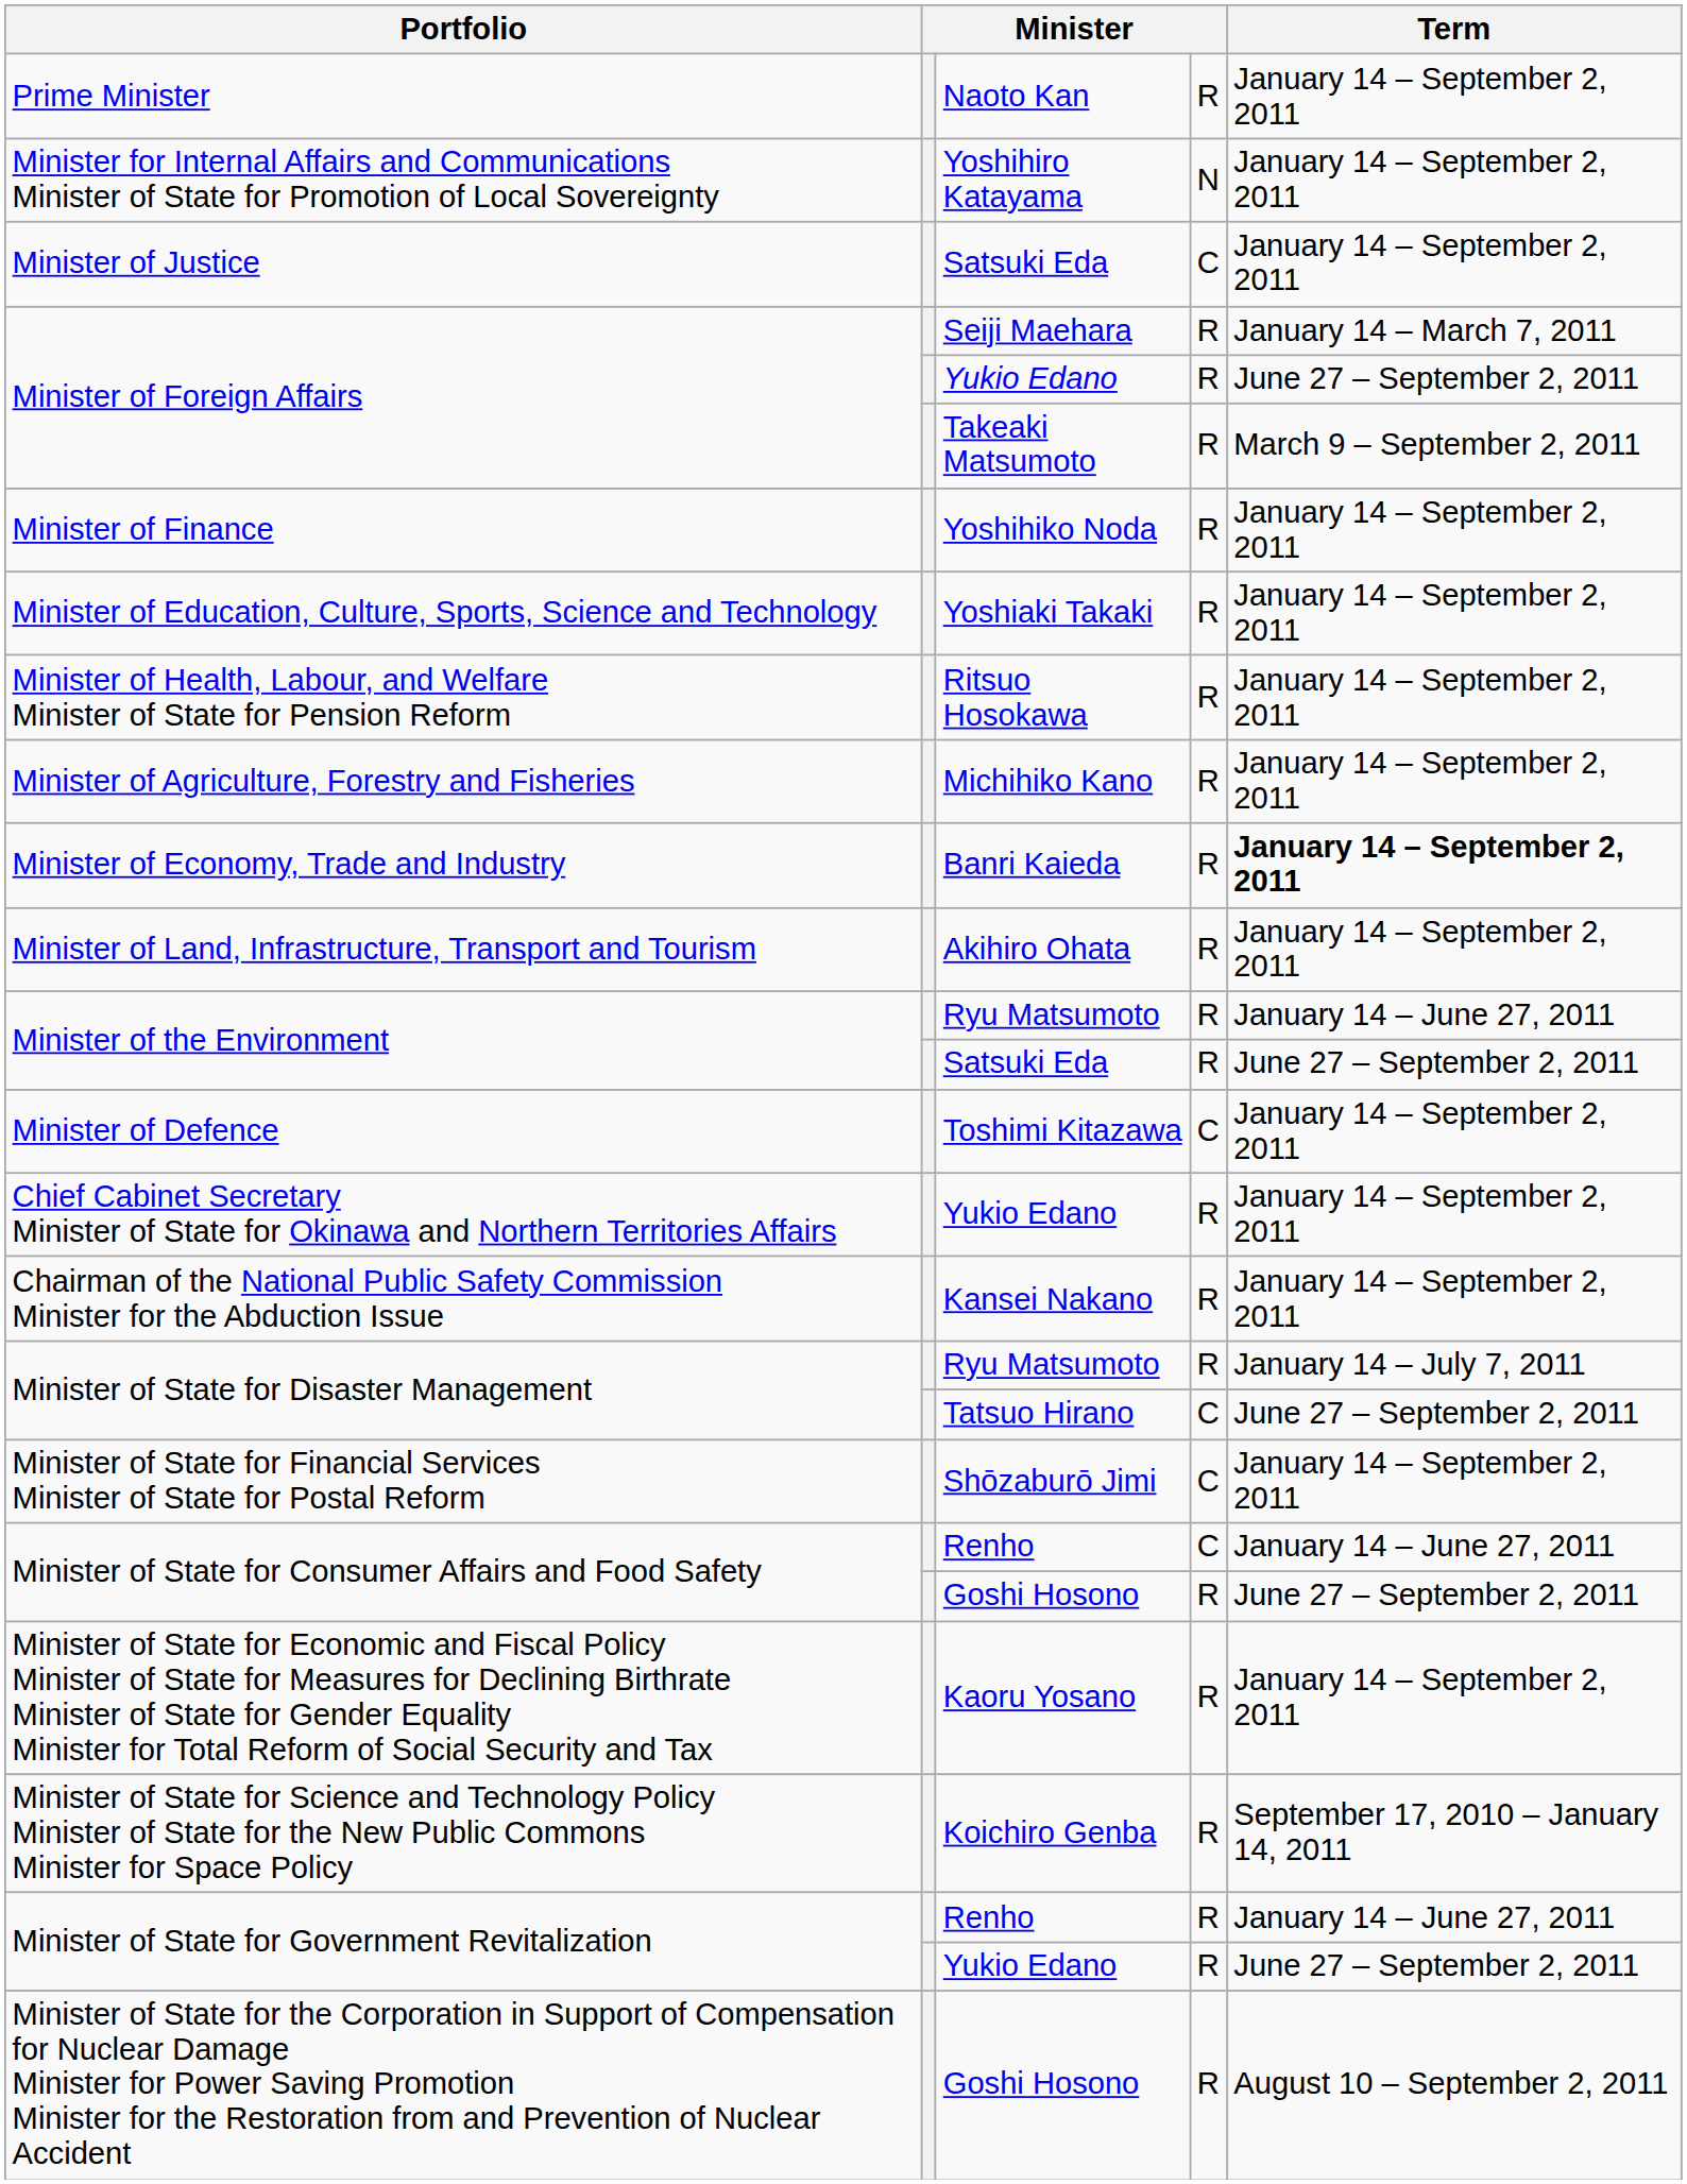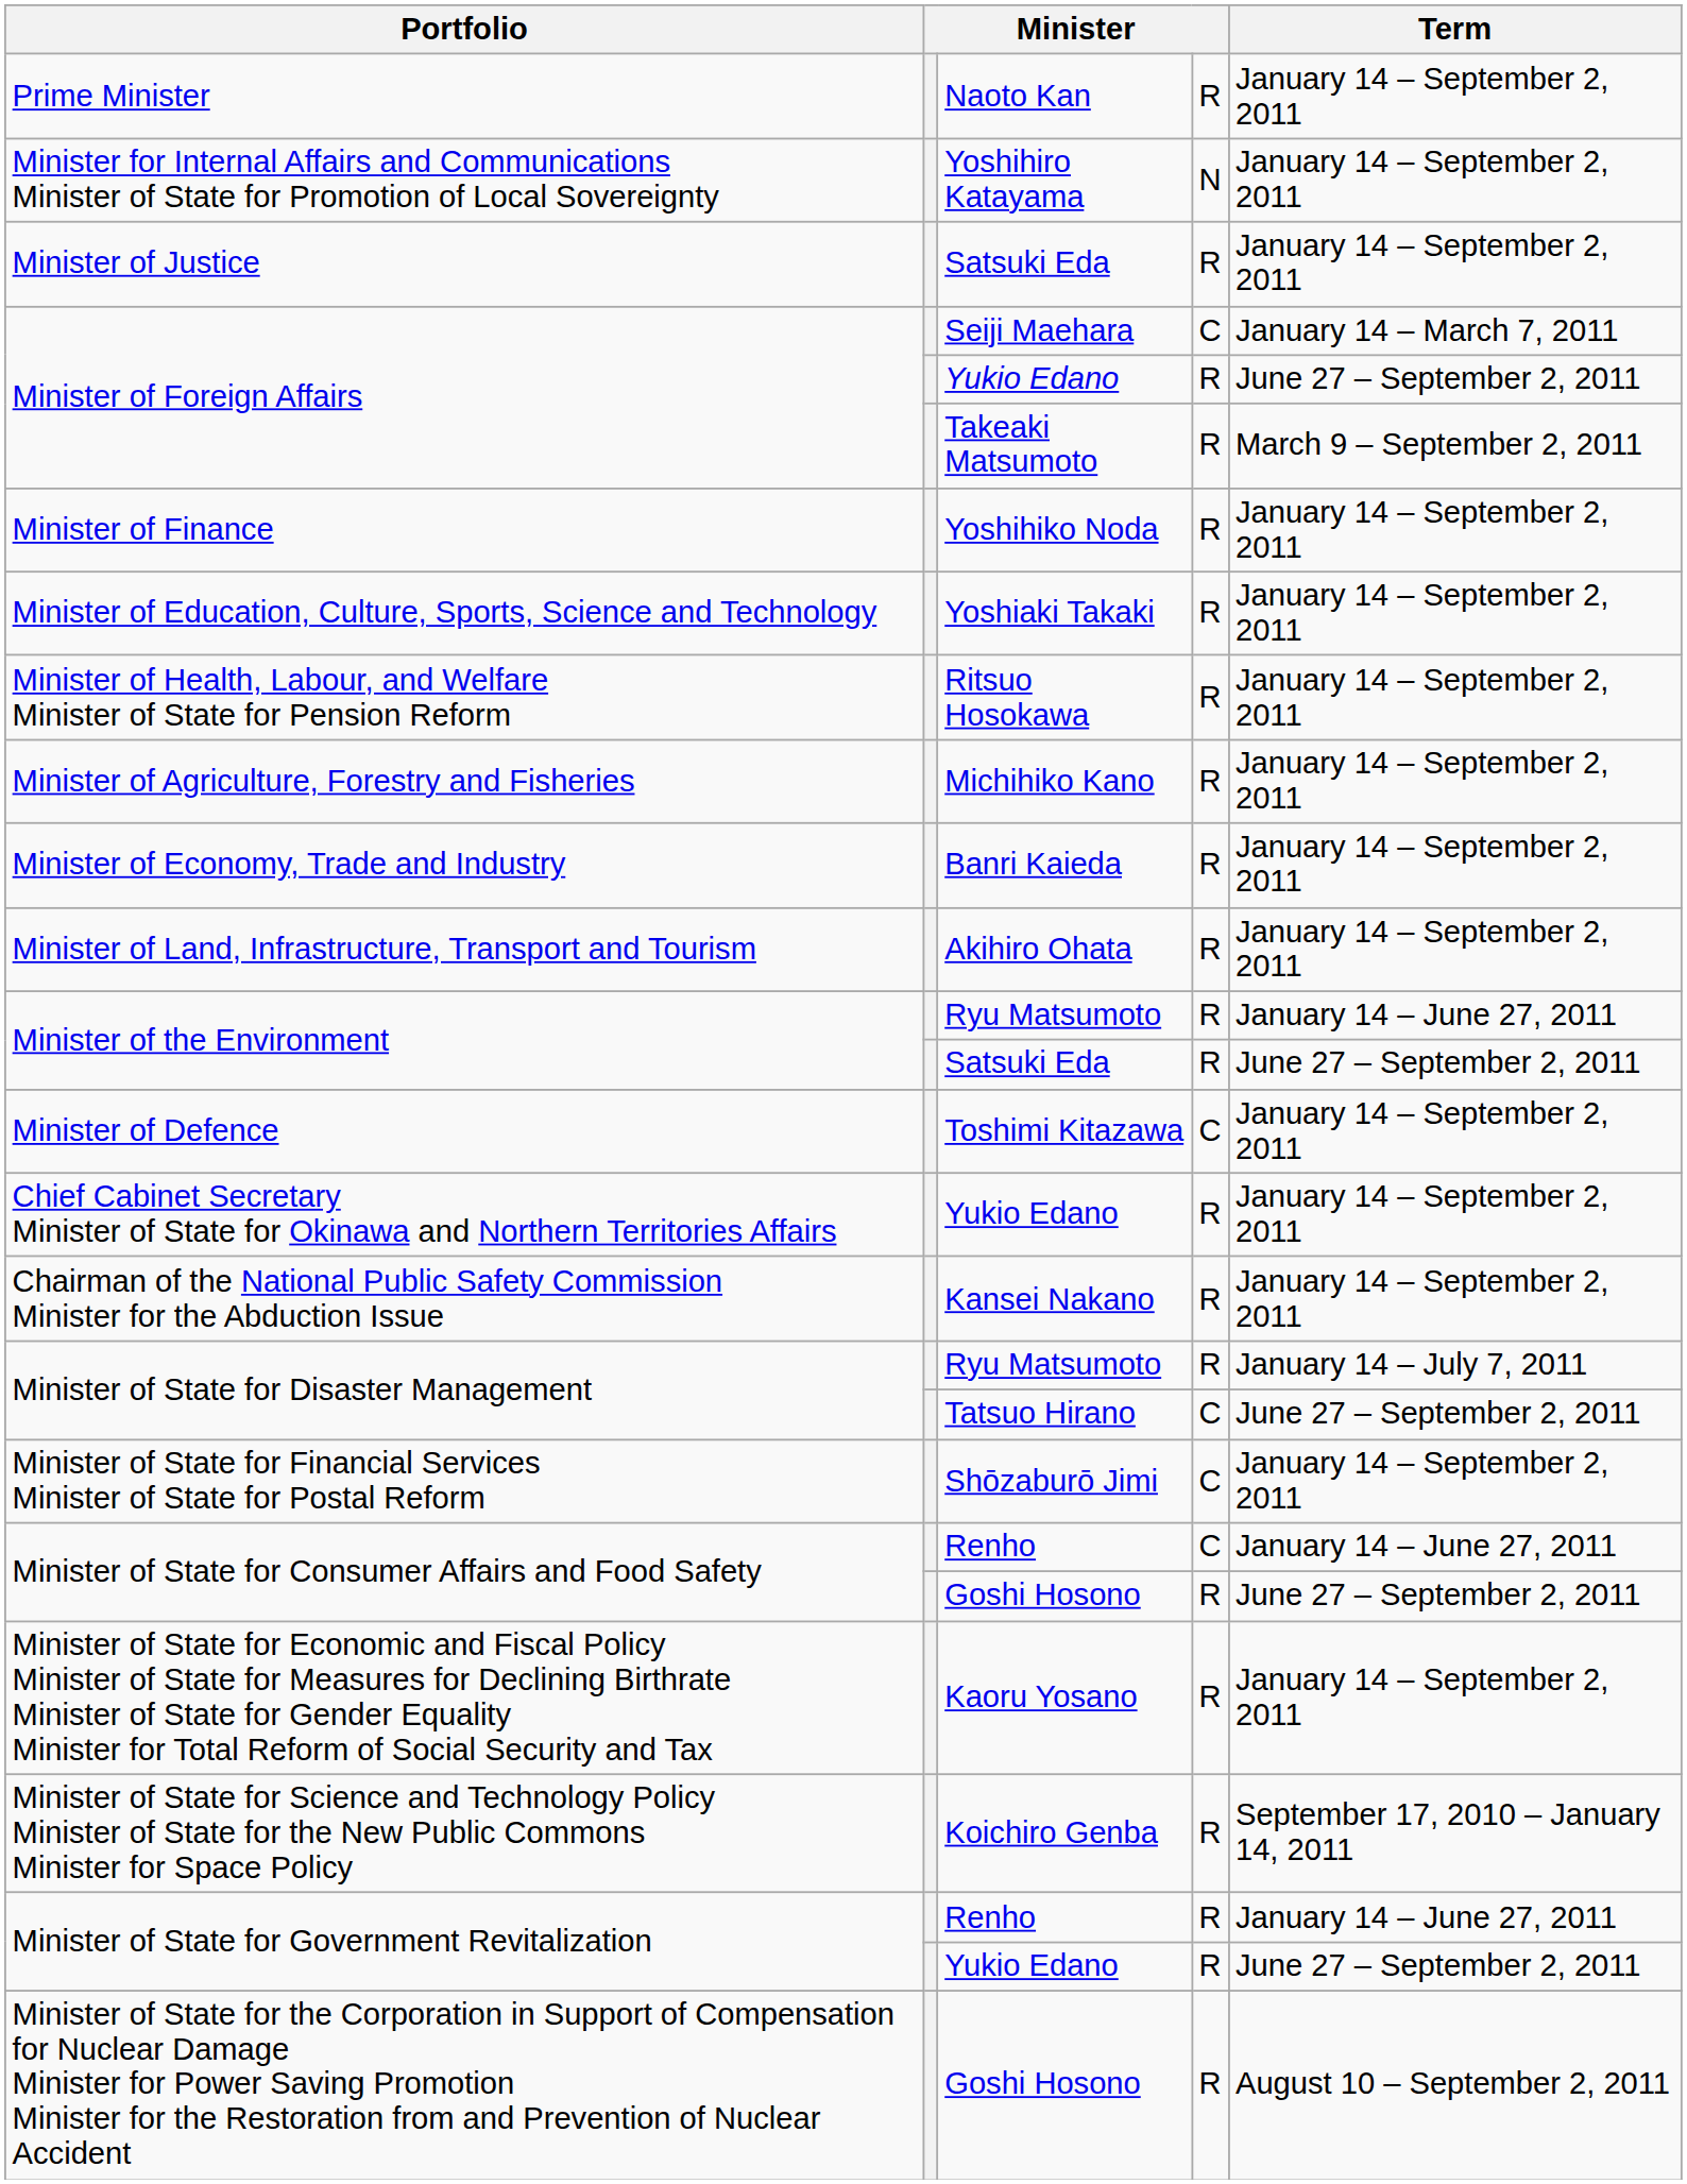 <table class="wikitable">
 <tr>
 <th>Portfolio</th>
 <th colspan=3>Minister</th>
 <th colspan=2>Term</th>
 </tr>
 <tr>
 <td><a href='#'>Prime Minister</a></td>
 <th style="color:inherit;background-color: "></th>
 <td><a href='#'>Naoto Kan</a></td>
 <td>R</td>
 <td>January 14 – September 2, 2011</td>
 </tr>
 <tr>
 <td><a href='#'>Minister for Internal Affairs and Communications</a> <br> Minister of State for Promotion of Local Sovereignty</td>
 <th style="color:inherit;background-color: "></th>
 <td><a href='#'>Yoshihiro Katayama</a></td>
 <td>N</td>
 <td>January 14 – September 2, 2011</td>
 </tr>
 <tr>
 <td><a href='#'>Minister of Justice</a></td>
 <th style="color:inherit;background-color: "></th>
 <td><a href='#'>Satsuki Eda</a></td>
-<td>C</td>
+<td>R</td>
 <td>January 14 – September 2, 2011</td>
 </tr>
 <tr>
 <td rowspan="3"><a href='#'>Minister of Foreign Affairs</a></td>
 <th style="color:inherit;background-color: "></th>
 <td><a href='#'>Seiji Maehara</a></td>
-<td>R</td>
+<td>C</td>
 <td>January 14 – March 7, 2011</td>
 </tr>
 <tr>
 <th style="color:inherit;background-color: "></th>
 <td><em><a href='#'>Yukio Edano</a></em></td>
 <td>R</td>
 <td>June 27 – September 2, 2011</td>
 </tr>
 <tr>
 <th style="color:inherit;background-color: "></th>
 <td><a href='#'>Takeaki Matsumoto</a></td>
 <td>R</td>
 <td>March 9 – September 2, 2011</td>
 </tr>
 <tr>
 <td><a href='#'>Minister of Finance</a></td>
 <th style="color:inherit;background-color: "></th>
 <td><a href='#'>Yoshihiko Noda</a></td>
 <td>R</td>
 <td>January 14 – September 2, 2011</td>
 </tr>
 <tr>
 <td><a href='#'>Minister of Education, Culture, Sports, Science and Technology</a></td>
 <th style="color:inherit;background-color: "></th>
 <td><a href='#'>Yoshiaki Takaki</a></td>
 <td>R</td>
 <td>January 14 – September 2, 2011</td>
 </tr>
 <tr>
 <td><a href='#'>Minister of Health, Labour, and Welfare</a> <br> Minister of State for Pension Reform</td>
 <th style="color:inherit;background-color: "></th>
 <td><a href='#'>Ritsuo Hosokawa</a></td>
 <td>R</td>
 <td>January 14 – September 2, 2011</td>
 </tr>
 <tr>
 <td><a href='#'>Minister of Agriculture, Forestry and Fisheries</a></td>
 <th style="color:inherit;background-color: "></th>
 <td><a href='#'>Michihiko Kano</a></td>
 <td>R</td>
 <td>January 14 – September 2, 2011</td>
 </tr>
 <tr>
 <td><a href='#'>Minister of Economy, Trade and Industry</a></td>
 <th style="color:inherit;background-color: "></th>
 <td><a href='#'>Banri Kaieda</a></td>
 <td>R</td>
-<td><strong>January 14 – September 2, 2011</strong></td>
+<td>January 14 – September 2, 2011</td>
 </tr>
 <tr>
 <td><a href='#'>Minister of Land, Infrastructure, Transport and Tourism</a></td>
 <th style="color:inherit;background-color: "></th>
 <td><a href='#'>Akihiro Ohata</a></td>
 <td>R</td>
 <td>January 14 – September 2, 2011</td>
 </tr>
 <tr>
 <td rowspan="2"><a href='#'>Minister of the Environment</a></td>
 <th style="color:inherit;background-color: "></th>
 <td><a href='#'>Ryu Matsumoto</a></td>
 <td>R</td>
 <td>January 14 – June 27, 2011</td>
 </tr>
 <tr>
 <th style="color:inherit;background-color: "></th>
 <td><a href='#'>Satsuki Eda</a></td>
 <td>R</td>
 <td>June 27 – September 2, 2011</td>
 </tr>
 <tr>
 <td><a href='#'>Minister of Defence</a></td>
 <th style="color:inherit;background-color: "></th>
 <td><a href='#'>Toshimi Kitazawa</a></td>
 <td>C</td>
 <td>January 14 – September 2, 2011</td>
 </tr>
 <tr>
 <td><a href='#'>Chief Cabinet Secretary</a> <br> Minister of State for <a href='#'>Okinawa</a> and <a href='#'>Northern Territories Affairs</a></td>
 <th style="color:inherit;background-color: "></th>
 <td><a href='#'>Yukio Edano</a></td>
 <td>R</td>
 <td>January 14 – September 2, 2011</td>
 </tr>
 <tr>
 <td>Chairman of the <a href='#'>National Public Safety Commission</a> <br> Minister for the Abduction Issue</td>
 <th style="color:inherit;background-color: "></th>
 <td><a href='#'>Kansei Nakano</a></td>
 <td>R</td>
 <td>January 14 – September 2, 2011</td>
 </tr>
 <tr>
 <td rowspan="2">Minister of State for Disaster Management</td>
 <th style="color:inherit;background-color: "></th>
 <td><a href='#'>Ryu Matsumoto</a></td>
 <td>R</td>
 <td>January 14 – July 7, 2011</td>
 </tr>
 <tr>
 <th style="color:inherit;background-color: "></th>
 <td><a href='#'>Tatsuo Hirano</a></td>
 <td>C</td>
 <td>June 27 – September 2, 2011</td>
 </tr>
 <tr>
 <td>Minister of State for Financial Services <br> Minister of State for Postal Reform</td>
 <th style="color:inherit;background-color: "></th>
 <td><a href='#'>Shōzaburō Jimi</a></td>
 <td>C</td>
 <td>January 14 – September 2, 2011</td>
 </tr>
 <tr>
 <td rowspan="2">Minister of State for Consumer Affairs and Food Safety</td>
 <th style="color:inherit;background-color: "></th>
 <td><a href='#'>Renho</a></td>
 <td>C</td>
 <td>January 14 – June 27, 2011</td>
 </tr>
 <tr>
 <th style="color:inherit;background-color: "></th>
 <td><a href='#'>Goshi Hosono</a></td>
 <td>R</td>
 <td>June 27 – September 2, 2011</td>
 </tr>
 <tr>
 <td>Minister of State for Economic and Fiscal Policy <br> Minister of State for Measures for Declining Birthrate <br> Minister of State for Gender Equality <br> Minister for Total Reform of Social Security and Tax</td>
 <th style="color:inherit;background-color: "></th>
 <td><a href='#'>Kaoru Yosano</a></td>
 <td>R</td>
 <td>January 14 – September 2, 2011</td>
 </tr>
 <tr>
 <td>Minister of State for Science and Technology Policy <br> Minister of State for the New Public Commons <br> Minister for Space Policy</td>
 <th style="color:inherit;background-color: "></th>
 <td><a href='#'>Koichiro Genba</a></td>
 <td>R</td>
 <td>September 17, 2010 – January 14, 2011</td>
 </tr>
 <tr>
 <td rowspan="2">Minister of State for Government Revitalization</td>
 <th style="color:inherit;background-color: "></th>
 <td><a href='#'>Renho</a></td>
 <td>R</td>
 <td>January 14 – June 27, 2011</td>
 </tr>
 <tr>
 <th style="color:inherit;background-color: "></th>
 <td><a href='#'>Yukio Edano</a></td>
 <td>R</td>
 <td>June 27 – September 2, 2011</td>
 </tr>
 <tr>
 <td>Minister of State for the Corporation in Support of Compensation for Nuclear Damage <br> Minister for Power Saving Promotion <br> Minister for the Restoration from and Prevention of Nuclear Accident</td>
 <th style="color:inherit;background-color: "></th>
 <td><a href='#'>Goshi Hosono</a></td>
 <td>R</td>
 <td>August 10 – September 2, 2011</td>
 </tr>
 </table>
